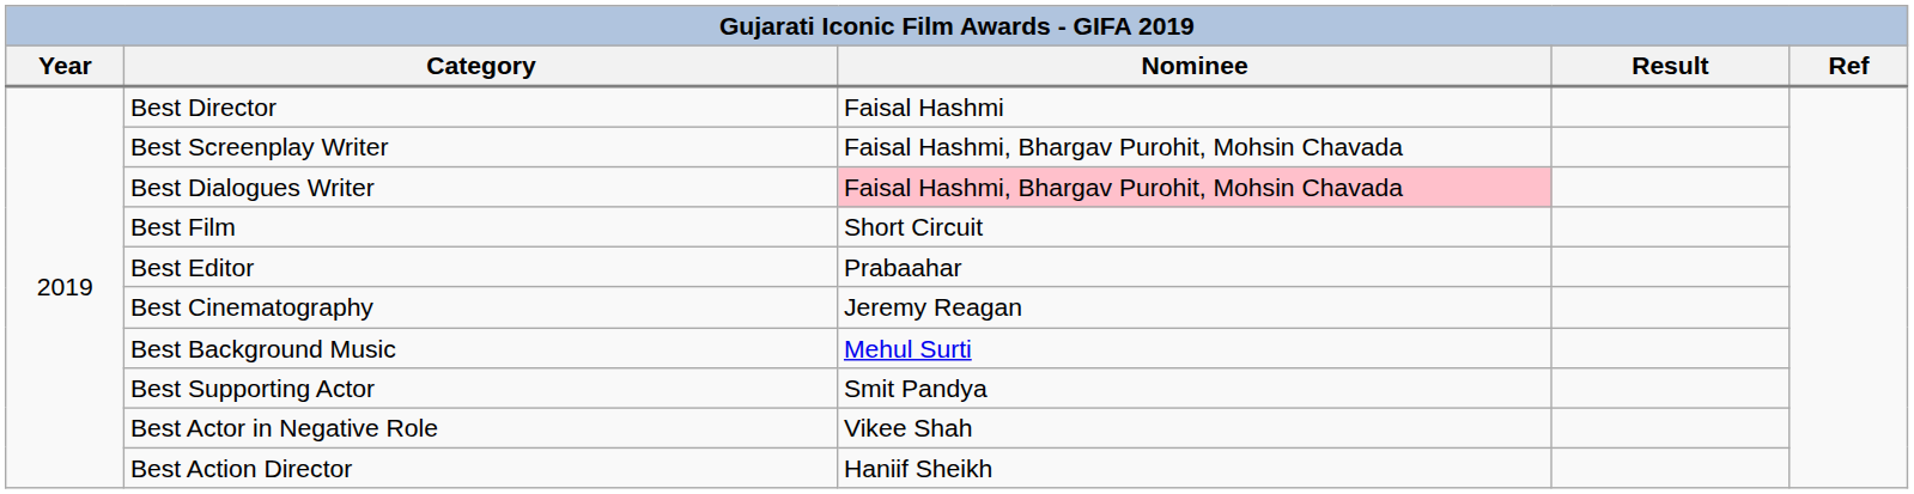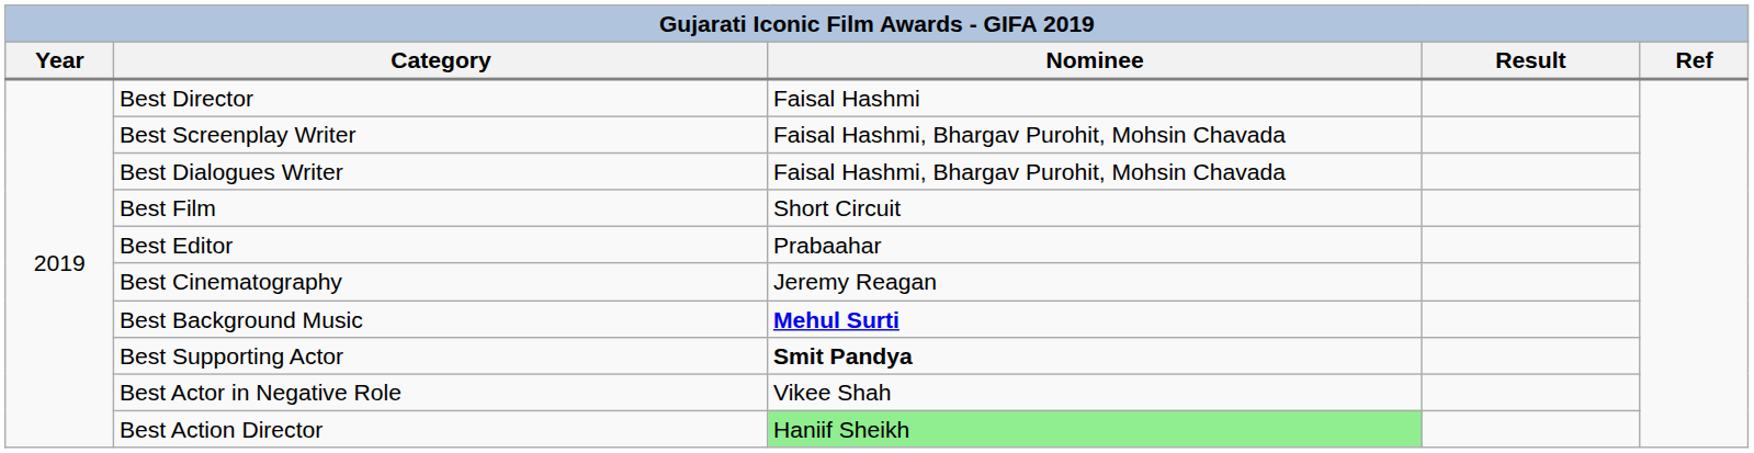 <table class="wikitable" style="font-size:95%;" ;>
 <tr style="background:#ccc; text-align:center;">
 <th colspan="6" style="background: LightSteelBlue;"><strong>Gujarati Iconic Film Awards - GIFA 2019</strong></th>
 </tr>
 <tr style="background:#ccc; text-align:center;">
 <th width=5%>Year</th>
 <th style="width:30%;">Category</th>
 <th style="width:30%;">Nominee</th>
 <th style="width:10%;">Result</th>
 <th style="width:5%;">Ref</th>
 </tr>
 <tr style="border-top:2px solid gray;">
 <td rowspan="10" style="text-align:center;">2019</td>
 <td>Best Director</td>
 <td>Faisal Hashmi</td>
 <td></td>
 <td rowspan="11" style="text-align:center;"></td>
 </tr>
 <tr>
 <td>Best Screenplay Writer</td>
 <td>Faisal Hashmi, Bhargav Purohit, Mohsin Chavada</td>
 <td></td>
 </tr>
 <tr>
 <td>Best Dialogues Writer</td>
-<td style="background: pink;">Faisal Hashmi, Bhargav Purohit, Mohsin Chavada</td>
+<td>Faisal Hashmi, Bhargav Purohit, Mohsin Chavada</td>
 <td></td>
 </tr>
 <tr>
 <td>Best Film</td>
 <td>Short Circuit</td>
 <td></td>
 </tr>
 <tr>
 <td>Best Editor</td>
 <td>Prabaahar</td>
 <td></td>
 </tr>
 <tr>
 <td>Best Cinematography</td>
 <td>Jeremy Reagan</td>
 <td></td>
 </tr>
 <tr>
 <td>Best Background Music</td>
-<td><a href='#'>Mehul Surti</a></td>
+<td><strong><a href='#'>Mehul Surti</a></strong></td>
 <td></td>
 </tr>
 <tr>
 <td>Best Supporting Actor</td>
-<td>Smit Pandya</td>
+<td><strong>Smit Pandya</strong></td>
 <td></td>
 </tr>
 <tr>
 <td>Best Actor in Negative Role</td>
 <td>Vikee Shah</td>
 <td></td>
 </tr>
 <tr>
 <td>Best Action Director</td>
-<td>Haniif Sheikh</td>
+<td style="background: lightgreen;">Haniif Sheikh</td>
 <td></td>
 </tr>
 </table>
